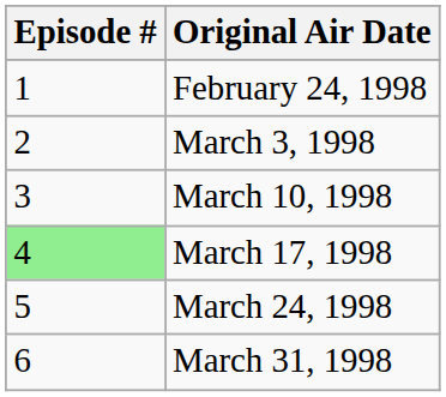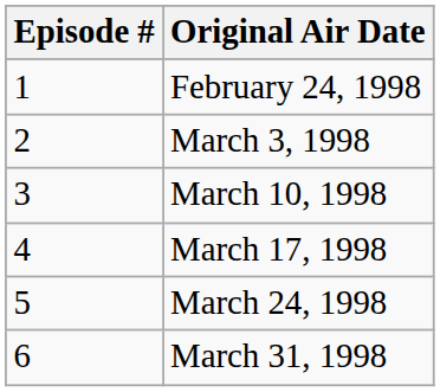 <table class="wikitable">
 <tr>
 <th>Episode #</th>
 <th>Original Air Date</th>
 </tr>
 <tr>
 <td>1</td>
 <td>February 24, 1998</td>
 </tr>
 <tr>
 <td>2</td>
 <td>March 3, 1998</td>
 </tr>
 <tr>
 <td>3</td>
 <td>March 10, 1998</td>
 </tr>
 <tr>
-<td style="background: lightgreen;">4</td>
+<td>4</td>
 <td>March 17, 1998</td>
 </tr>
 <tr>
 <td>5</td>
 <td>March 24, 1998</td>
 </tr>
 <tr>
 <td>6</td>
 <td>March 31, 1998</td>
 </tr>
 </table>
